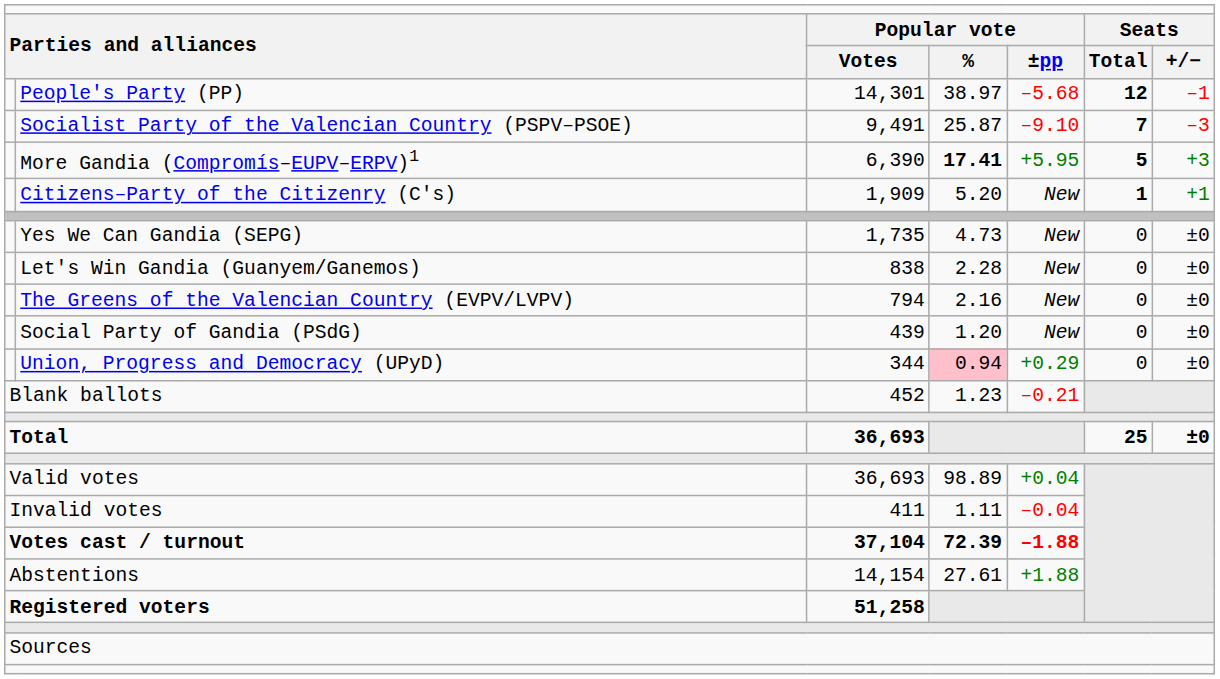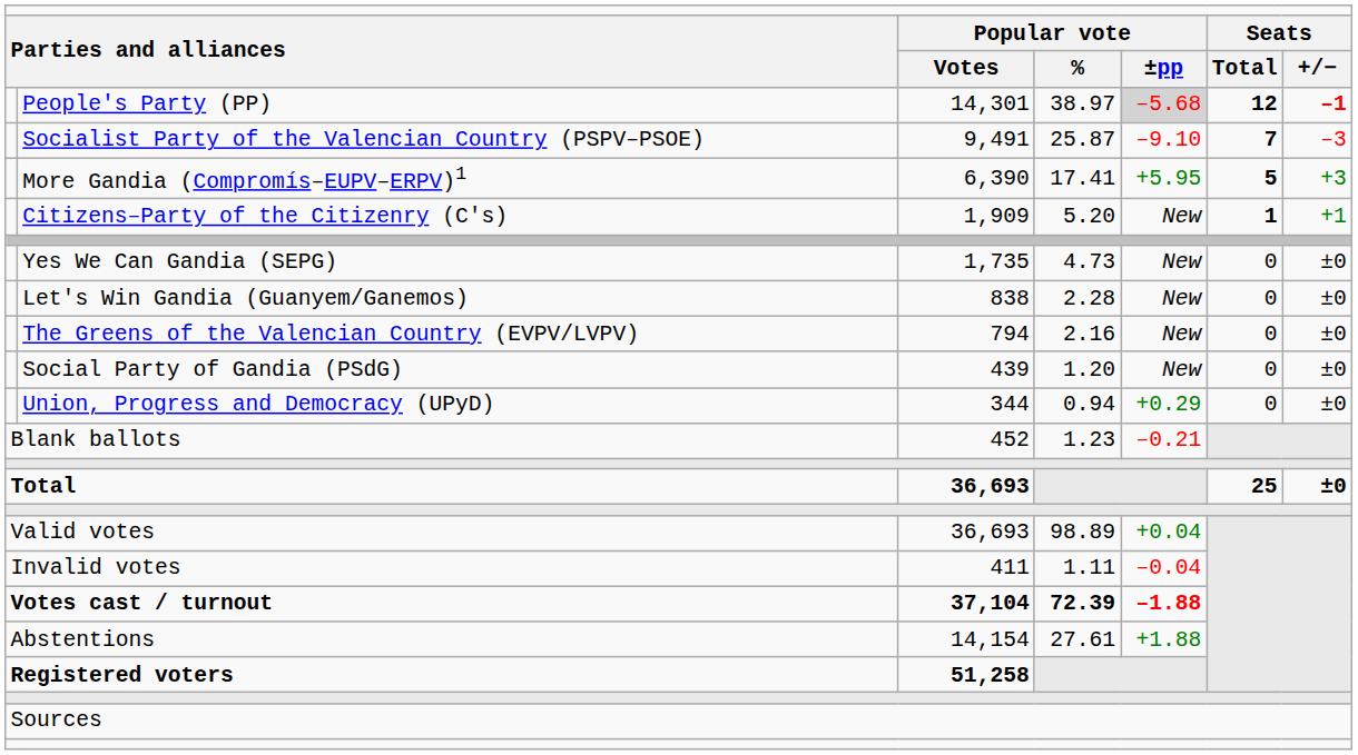 <table class="wikitable" style="text-align:right;">
 <tr>
 <td colspan="7"></td>
 </tr>
 <tr>
 <th style="text-align:left;" rowspan="2" colspan="2" width="525">Parties and alliances</th>
 <th colspan="3">Popular vote</th>
 <th colspan="2">Seats</th>
 </tr>
 <tr>
 <th width="75">Votes</th>
 <th width="45">%</th>
 <th width="45">±<a href='#'>pp</a></th>
 <th width="35">Total</th>
 <th width="35">+/−</th>
 </tr>
 <tr>
 <td width="1" style="color:inherit;background:"></td>
 <td align="left"><a href='#'>People's Party</a> (PP)</td>
 <td>14,301</td>
 <td>38.97</td>
-<td style="color:red;">–5.68</td>
+<td style="background: lightgrey; color:red;">–5.68</td>
 <td><strong>12</strong></td>
-<td style="color:red;">–1</td>
+<td style="color:red;"><strong>–1</strong></td>
 </tr>
 <tr>
 <td style="color:inherit;background:"></td>
 <td align="left"><a href='#'>Socialist Party of the Valencian Country</a> (PSPV–PSOE)</td>
 <td>9,491</td>
 <td>25.87</td>
 <td style="color:red;">–9.10</td>
 <td><strong>7</strong></td>
 <td style="color:red;">–3</td>
 </tr>
 <tr>
 <td style="color:inherit;background:"></td>
 <td align="left">More Gandia (<a href='#'>Compromís</a>–<a href='#'>EUPV</a>–<a href='#'>ERPV</a>)<sup>1</sup></td>
 <td>6,390</td>
-<td><strong>17.41</strong></td>
+<td>17.41</td>
 <td style="color:green;">+5.95</td>
 <td><strong>5</strong></td>
 <td style="color:green;">+3</td>
 </tr>
 <tr>
 <td style="color:inherit;background:"></td>
 <td align="left"><a href='#'>Citizens–Party of the Citizenry</a> (C's)</td>
 <td>1,909</td>
 <td>5.20</td>
 <td><em>New</em></td>
 <td><strong>1</strong></td>
 <td style="color:green;">+1</td>
 </tr>
 <tr>
 <td colspan="7" bgcolor="#C0C0C0"></td>
 </tr>
 <tr>
 <td style="color:inherit;background:"></td>
 <td align="left">Yes We Can Gandia (SEPG)</td>
 <td>1,735</td>
 <td>4.73</td>
 <td><em>New</em></td>
 <td>0</td>
 <td>±0</td>
 </tr>
 <tr>
 <td style="color:inherit;background:"></td>
 <td align="left">Let's Win Gandia (Guanyem/Ganemos)</td>
 <td>838</td>
 <td>2.28</td>
 <td><em>New</em></td>
 <td>0</td>
 <td>±0</td>
 </tr>
 <tr>
 <td style="color:inherit;background:"></td>
 <td align="left"><a href='#'>The Greens of the Valencian Country</a> (EVPV/LVPV)</td>
 <td>794</td>
 <td>2.16</td>
 <td><em>New</em></td>
 <td>0</td>
 <td>±0</td>
 </tr>
 <tr>
 <td style="color:inherit;background:"></td>
 <td align="left">Social Party of Gandia (PSdG)</td>
 <td>439</td>
 <td>1.20</td>
 <td><em>New</em></td>
 <td>0</td>
 <td>±0</td>
 </tr>
 <tr>
 <td style="color:inherit;background:"></td>
 <td align="left"><a href='#'>Union, Progress and Democracy</a> (UPyD)</td>
 <td>344</td>
-<td style="background: pink;">0.94</td>
+<td>0.94</td>
 <td style="color:green;">+0.29</td>
 <td>0</td>
 <td>±0</td>
 </tr>
 <tr>
 <td align="left" colspan="2">Blank ballots</td>
 <td>452</td>
 <td>1.23</td>
 <td style="color:red;">–0.21</td>
 <td bgcolor="#E9E9E9" colspan="2"></td>
 </tr>
 <tr>
 <td colspan="7" bgcolor="#E9E9E9"></td>
 </tr>
 <tr style="font-weight:bold;">
 <td align="left" colspan="2">Total</td>
 <td>36,693</td>
 <td bgcolor="#E9E9E9" colspan="2"></td>
 <td>25</td>
 <td>±0</td>
 </tr>
 <tr>
 <td colspan="7" bgcolor="#E9E9E9"></td>
 </tr>
 <tr>
 <td align="left" colspan="2">Valid votes</td>
 <td>36,693</td>
 <td>98.89</td>
 <td style="color:green;">+0.04</td>
 <td bgcolor="#E9E9E9" colspan="2" rowspan="5"></td>
 </tr>
 <tr>
 <td align="left" colspan="2">Invalid votes</td>
 <td>411</td>
 <td>1.11</td>
 <td style="color:red;">–0.04</td>
 </tr>
 <tr style="font-weight:bold;">
 <td align="left" colspan="2">Votes cast / turnout</td>
 <td>37,104</td>
 <td>72.39</td>
 <td style="color:red;">–1.88</td>
 </tr>
 <tr>
 <td align="left" colspan="2">Abstentions</td>
 <td>14,154</td>
 <td>27.61</td>
 <td style="color:green;">+1.88</td>
 </tr>
 <tr style="font-weight:bold;">
 <td align="left" colspan="2">Registered voters</td>
 <td>51,258</td>
 <td bgcolor="#E9E9E9" colspan="2"></td>
 </tr>
 <tr>
 <td colspan="7" bgcolor="#E9E9E9"></td>
 </tr>
 <tr>
 <td align="left" colspan="7">Sources</td>
 </tr>
 <tr>
 <td colspan="7" style="text-align:left; max-width:790px;"></td>
 </tr>
 </table>
